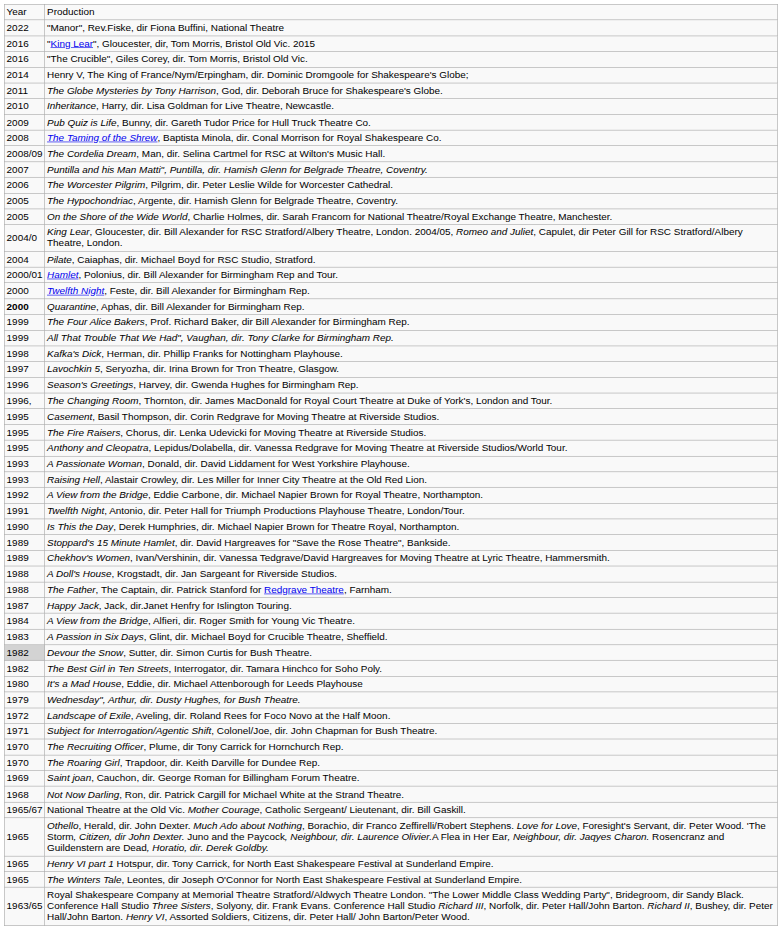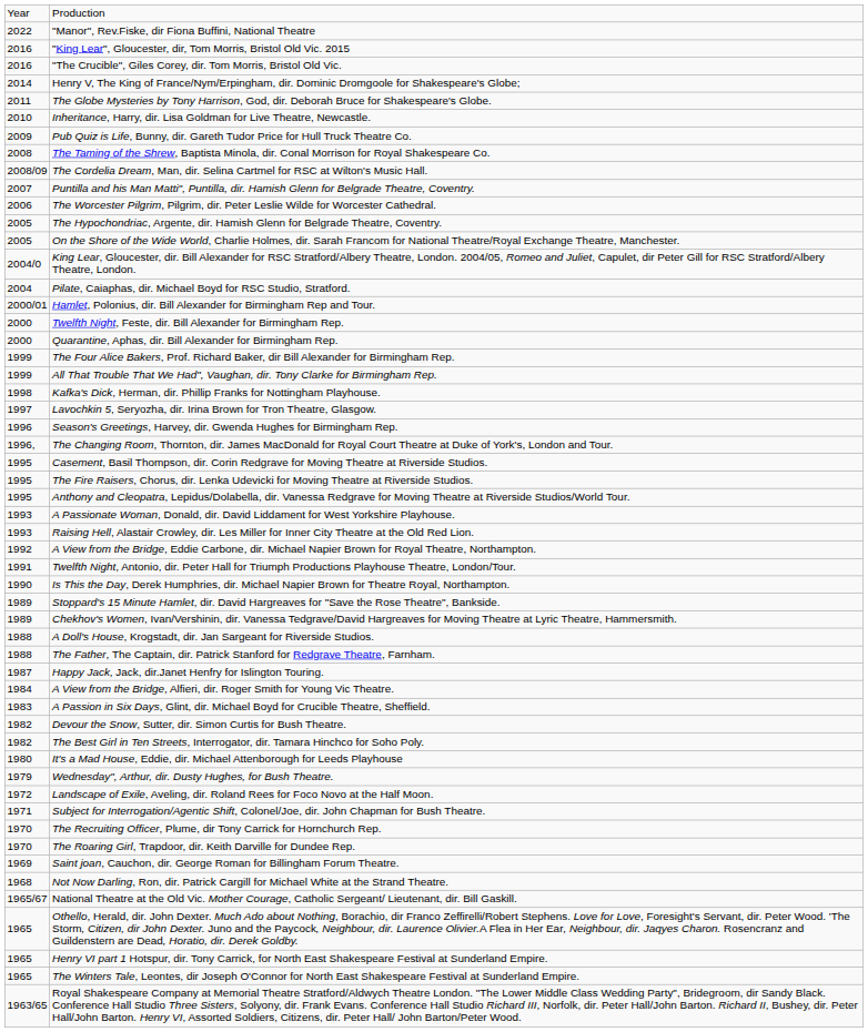 <table class="wikitable">
 <tr>
 <td>Year</td>
 <td>Production</td>
 </tr>
 <tr>
 <td>2022</td>
 <td>"Manor",  Rev.Fiske, dir Fiona Buffini, National Theatre</td>
 </tr>
 <tr>
 <td>2016</td>
 <td>"<a href='#'>King Lear</a>", Gloucester, dir, Tom Morris, Bristol Old Vic. 2015</td>
 </tr>
 <tr>
 <td>2016</td>
 <td>"The Crucible", Giles Corey, dir. Tom Morris, Bristol Old Vic.</td>
 </tr>
 <tr>
 <td>2014</td>
 <td>Henry V, The King of France/Nym/Erpingham, dir.    Dominic Dromgoole for Shakespeare's Globe;</td>
 </tr>
 <tr>
 <td>2011</td>
 <td><em>The Globe Mysteries by Tony Harrison</em>, God, dir. Deborah Bruce for Shakespeare's Globe.</td>
 </tr>
 <tr>
 <td>2010</td>
 <td><em>Inheritance</em>, Harry, dir. Lisa Goldman for Live Theatre, Newcastle.</td>
 </tr>
 <tr>
 <td>2009</td>
 <td><em>Pub Quiz is Life</em>, Bunny, dir. Gareth Tudor Price for Hull Truck Theatre Co.</td>
 </tr>
 <tr>
 <td>2008</td>
 <td><em><a href='#'>The Taming of the Shrew</a></em>, Baptista Minola, dir. Conal Morrison for Royal Shakespeare Co.</td>
 </tr>
 <tr>
 <td>2008/09</td>
 <td><em>The Cordelia Dream</em>, Man, dir. Selina Cartmel for RSC at Wilton's Music Hall.</td>
 </tr>
 <tr>
 <td>2007</td>
 <td><em>Puntilla and his Man Matti", Puntilla, dir. Hamish Glenn for Belgrade Theatre, Coventry.</em></td>
 </tr>
 <tr>
 <td>2006</td>
 <td><em>The Worcester Pilgrim</em>, Pilgrim, dir. Peter Leslie Wilde for Worcester Cathedral.</td>
 </tr>
 <tr>
 <td>2005</td>
 <td><em>The Hypochondriac</em>, Argente, dir. Hamish Glenn for Belgrade Theatre, Coventry.</td>
 </tr>
 <tr>
 <td>2005</td>
 <td><em>On the Shore of the Wide World</em>, Charlie Holmes, dir. Sarah Francom for National Theatre/Royal Exchange Theatre, Manchester.</td>
 </tr>
 <tr>
 <td>2004/0</td>
 <td><em>King Lear</em>, Gloucester, dir. Bill Alexander for RSC Stratford/Albery Theatre, London. 2004/05, <em>Romeo and Juliet</em>, Capulet, dir Peter Gill for RSC Stratford/Albery Theatre, London.</td>
 </tr>
 <tr>
 <td>2004</td>
 <td><em>Pilate</em>, Caiaphas, dir. Michael Boyd for RSC Studio, Stratford.</td>
 </tr>
 <tr>
 <td>2000/01</td>
 <td><em><a href='#'>Hamlet</a></em>, Polonius, dir. Bill Alexander for Birmingham Rep and Tour.</td>
 </tr>
 <tr>
 <td>2000</td>
 <td><em><a href='#'>Twelfth Night</a></em>, Feste, dir. Bill Alexander for Birmingham Rep.</td>
 </tr>
 <tr>
-<td><strong>2000</strong></td>
+<td>2000</td>
 <td><em>Quarantine</em>, Aphas, dir. Bill Alexander for Birmingham Rep.</td>
 </tr>
 <tr>
 <td>1999</td>
 <td><em>The Four Alice Bakers</em>, Prof. Richard Baker, dir Bill Alexander for Birmingham Rep.</td>
 </tr>
 <tr>
 <td>1999</td>
 <td><em>All That Trouble That We Had", Vaughan, dir. Tony Clarke for Birmingham Rep.</em></td>
 </tr>
 <tr>
 <td>1998</td>
 <td><em>Kafka's Dick</em>, Herman, dir. Phillip Franks for Nottingham Playhouse.</td>
 </tr>
 <tr>
 <td>1997</td>
 <td><em>Lavochkin 5</em>, Seryozha, dir. Irina Brown for Tron Theatre, Glasgow.</td>
 </tr>
 <tr>
 <td>1996</td>
 <td><em>Season's Greetings</em>, Harvey, dir. Gwenda Hughes for Birmingham Rep.</td>
 </tr>
 <tr>
 <td>1996,</td>
 <td><em>The Changing Room</em>, Thornton, dir. James MacDonald for Royal Court Theatre at Duke of York's, London and Tour.</td>
 </tr>
 <tr>
 <td>1995</td>
 <td><em>Casement</em>, Basil Thompson, dir. Corin Redgrave for Moving Theatre at Riverside Studios.</td>
 </tr>
 <tr>
 <td>1995</td>
 <td><em>The Fire Raisers</em>, Chorus, dir. Lenka Udevicki for Moving Theatre at Riverside Studios.</td>
 </tr>
 <tr>
 <td>1995</td>
 <td><em>Anthony and Cleopatra</em>, Lepidus/Dolabella, dir. Vanessa Redgrave for Moving Theatre at Riverside Studios/World Tour.</td>
 </tr>
 <tr>
 <td>1993</td>
 <td><em>A Passionate Woman</em>, Donald, dir. David Liddament for West Yorkshire Playhouse.</td>
 </tr>
 <tr>
 <td>1993</td>
 <td><em>Raising Hell</em>, Alastair Crowley, dir. Les Miller for Inner City Theatre at the Old Red Lion.</td>
 </tr>
 <tr>
 <td>1992</td>
 <td><em>A View from the Bridge</em>, Eddie Carbone, dir. Michael Napier Brown for Royal Theatre, Northampton.</td>
 </tr>
 <tr>
 <td>1991</td>
 <td><em>Twelfth Night</em>, Antonio, dir. Peter Hall for Triumph Productions Playhouse Theatre, London/Tour.</td>
 </tr>
 <tr>
 <td>1990</td>
 <td><em>Is This the Day</em>, Derek Humphries, dir. Michael Napier Brown for Theatre Royal, Northampton.</td>
 </tr>
 <tr>
 <td>1989</td>
 <td><em>Stoppard's 15 Minute Hamlet</em>, dir. David Hargreaves for "Save the Rose Theatre", Bankside.</td>
 </tr>
 <tr>
 <td>1989</td>
 <td><em>Chekhov's Women</em>, Ivan/Vershinin, dir. Vanessa Tedgrave/David Hargreaves for Moving Theatre at Lyric Theatre, Hammersmith.</td>
 </tr>
 <tr>
 <td>1988</td>
 <td><em>A Doll's House</em>, Krogstadt, dir. Jan Sargeant for Riverside Studios.</td>
 </tr>
 <tr>
 <td>1988</td>
 <td><em>The Father</em>, The Captain, dir. Patrick Stanford for <a href='#'>Redgrave Theatre</a>, Farnham.</td>
 </tr>
 <tr>
 <td>1987</td>
 <td><em>Happy Jack</em>, Jack, dir.Janet Henfry for Islington Touring.</td>
 </tr>
 <tr>
 <td>1984</td>
 <td><em>A View from the Bridge</em>, Alfieri, dir. Roger Smith for Young Vic Theatre.</td>
 </tr>
 <tr>
 <td>1983</td>
 <td><em>A Passion in Six Days</em>, Glint, dir. Michael Boyd for Crucible Theatre, Sheffield.</td>
 </tr>
 <tr>
-<td style="background: lightgrey;">1982</td>
+<td>1982</td>
 <td><em>Devour the Snow</em>, Sutter, dir. Simon Curtis for Bush Theatre.</td>
 </tr>
 <tr>
 <td>1982</td>
 <td><em>The Best Girl in Ten Streets</em>, Interrogator, dir. Tamara Hinchco for Soho Poly.</td>
 </tr>
 <tr>
 <td>1980</td>
 <td><em>It's a Mad House</em>, Eddie, dir. Michael Attenborough for Leeds Playhouse</td>
 </tr>
 <tr>
 <td>1979</td>
 <td><em>Wednesday", Arthur, dir. Dusty Hughes, for Bush Theatre.</em></td>
 </tr>
 <tr>
 <td>1972</td>
 <td><em>Landscape of Exile</em>, Aveling, dir. Roland Rees for Foco Novo at the Half Moon.</td>
 </tr>
 <tr>
 <td>1971</td>
 <td><em>Subject for Interrogation/Agentic Shift</em>, Colonel/Joe, dir. John Chapman for Bush Theatre.</td>
 </tr>
 <tr>
 <td>1970</td>
 <td><em>The Recruiting Officer</em>, Plume, dir Tony Carrick for Hornchurch Rep.</td>
 </tr>
 <tr>
 <td>1970</td>
 <td><em>The Roaring Girl</em>, Trapdoor, dir. Keith Darville for Dundee Rep.</td>
 </tr>
 <tr>
 <td>1969</td>
 <td><em>Saint joan</em>, Cauchon, dir. George Roman for Billingham Forum Theatre.</td>
 </tr>
 <tr>
 <td>1968</td>
 <td><em>Not Now Darling</em>, Ron, dir. Patrick Cargill for Michael White at the Strand Theatre.</td>
 </tr>
 <tr>
 <td>1965/67</td>
 <td>National Theatre at the Old Vic. <em>Mother Courage</em>, Catholic Sergeant/ Lieutenant, dir. Bill Gaskill.</td>
 </tr>
 <tr>
 <td>1965</td>
 <td><em>Othello</em>, Herald, dir. John Dexter. <em>Much Ado about Nothing</em>, Borachio, dir Franco Zeffirelli/Robert Stephens. <em>Love for Love</em>, Foresight's Servant, dir. Peter Wood. 'The Storm<em>, Citizen, dir John Dexter. </em>Juno and the Paycock<em>, Neighbour, dir. Laurence Olivier.</em>A Flea in Her Ear<em>, Neighbour, dir. Jaqyes Charon. </em>Rosencranz and Guildenstern are Dead<em>, Horatio, dir. Derek Goldby.</em></td>
 </tr>
 <tr>
 <td>1965</td>
 <td><em>Henry VI part 1</em> Hotspur, dir. Tony Carrick, for North East Shakespeare Festival at Sunderland Empire.</td>
 </tr>
 <tr>
 <td>1965</td>
 <td><em>The Winters Tale</em>, Leontes, dir Joseph O'Connor for North East Shakespeare Festival at Sunderland Empire.</td>
 </tr>
 <tr>
 <td>1963/65</td>
 <td>Royal Shakespeare Company at Memorial Theatre Stratford/Aldwych Theatre London. "The Lower Middle Class Wedding Party", Bridegroom, dir Sandy Black. Conference Hall Studio  <em>Three Sisters</em>, Solyony, dir. Frank Evans. Conference Hall Studio <em>Richard III</em>, Norfolk, dir. Peter Hall/John Barton.   <em>Richard II</em>, Bushey, dir. Peter Hall/John Barton. <em>Henry VI</em>, Assorted Soldiers, Citizens, dir. Peter Hall/ John Barton/Peter Wood.</td>
 </tr>
 </table>
